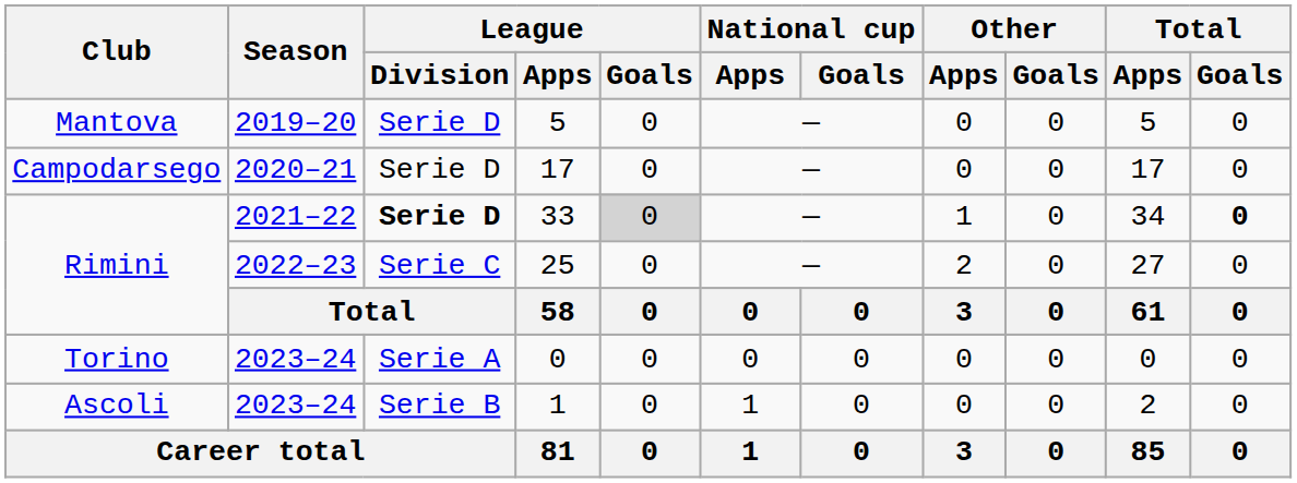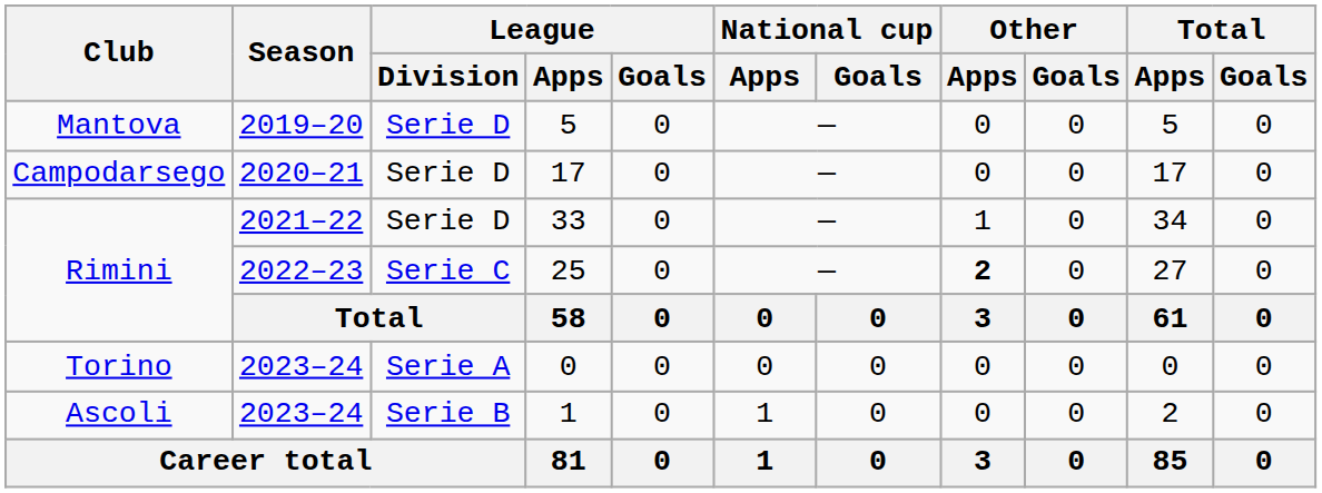 <table class="wikitable" style="text-align: center;">
 <tr>
 <th rowspan="2">Club</th>
 <th rowspan="2">Season</th>
 <th colspan="3">League</th>
 <th colspan="2">National cup</th>
 <th colspan="2">Other</th>
 <th colspan="2">Total</th>
 </tr>
 <tr>
 <th>Division</th>
 <th>Apps</th>
 <th>Goals</th>
 <th>Apps</th>
 <th>Goals</th>
 <th>Apps</th>
 <th>Goals</th>
 <th>Apps</th>
 <th>Goals</th>
 </tr>
 <tr>
 <td><a href='#'>Mantova</a></td>
 <td><a href='#'>2019–20</a></td>
 <td><a href='#'>Serie D</a></td>
 <td>5</td>
 <td>0</td>
 <td colspan="2">—</td>
 <td>0</td>
 <td>0</td>
 <td>5</td>
 <td>0</td>
 </tr>
 <tr>
 <td><a href='#'>Campodarsego</a></td>
 <td><a href='#'>2020–21</a></td>
 <td>Serie D</td>
 <td>17</td>
 <td>0</td>
 <td colspan="2">—</td>
 <td>0</td>
 <td>0</td>
 <td>17</td>
 <td>0</td>
 </tr>
 <tr>
 <td rowspan="3"><a href='#'>Rimini</a></td>
 <td><a href='#'>2021–22</a></td>
-<td><strong>Serie D</strong></td>
+<td>Serie D</td>
 <td>33</td>
-<td style="background: lightgrey;">0</td>
+<td>0</td>
 <td colspan="2">—</td>
 <td>1</td>
 <td>0</td>
 <td>34</td>
-<td><strong>0</strong></td>
+<td>0</td>
 </tr>
 <tr>
 <td><a href='#'>2022–23</a></td>
 <td><a href='#'>Serie C</a></td>
 <td>25</td>
 <td>0</td>
 <td colspan="2">—</td>
-<td>2</td>
+<td><strong>2</strong></td>
 <td>0</td>
 <td>27</td>
 <td>0</td>
 </tr>
 <tr>
 <th colspan="2">Total</th>
 <th>58</th>
 <th>0</th>
 <th>0</th>
 <th>0</th>
 <th>3</th>
 <th>0</th>
 <th>61</th>
 <th>0</th>
 </tr>
 <tr>
 <td><a href='#'>Torino</a></td>
 <td><a href='#'>2023–24</a></td>
 <td><a href='#'>Serie A</a></td>
 <td>0</td>
 <td>0</td>
 <td>0</td>
 <td>0</td>
 <td>0</td>
 <td>0</td>
 <td>0</td>
 <td>0</td>
 </tr>
 <tr>
 <td><a href='#'>Ascoli</a></td>
 <td><a href='#'>2023–24</a></td>
 <td><a href='#'>Serie B</a></td>
 <td>1</td>
 <td>0</td>
 <td>1</td>
 <td>0</td>
 <td>0</td>
 <td>0</td>
 <td>2</td>
 <td>0</td>
 </tr>
 <tr>
 <th colspan="3">Career total</th>
 <th>81</th>
 <th>0</th>
 <th>1</th>
 <th>0</th>
 <th>3</th>
 <th>0</th>
 <th>85</th>
 <th>0</th>
 </tr>
 </table>
